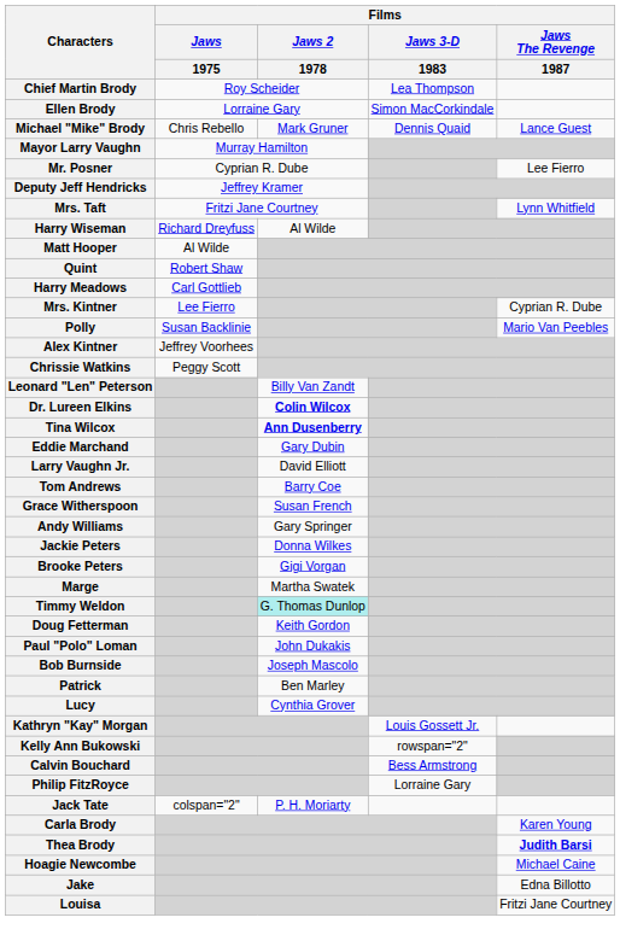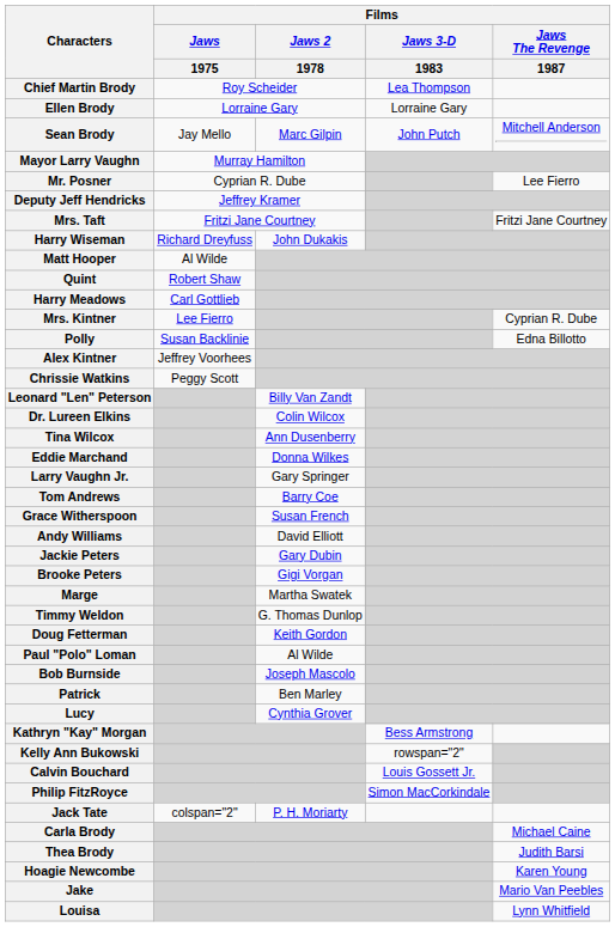 <table class="wikitable" style="text-align:center;">
 <tr>
 <th rowspan="3'">Characters</th>
 <th colspan="4">Films</th>
 </tr>
 <tr>
 <th><em><a href='#'>Jaws</a></em></th>
 <th><em><a href='#'>Jaws 2</a></em></th>
 <th><em><a href='#'>Jaws 3-D</a></em></th>
 <th><em><a href='#'>Jaws<br>The Revenge</a></em></th>
 </tr>
 <tr>
 <th>1975</th>
 <th>1978</th>
 <th>1983</th>
 <th>1987</th>
 </tr>
 <tr>
 <th>Chief Martin Brody</th>
 <td colspan="2"><a href='#'>Roy Scheider</a></td>
 <td><a href='#'>Lea Thompson</a></td>
 <td></td>
 </tr>
 <tr>
 <th>Ellen Brody</th>
 <td colspan="2"><a href='#'>Lorraine Gary</a></td>
-<td><a href='#'>Simon MacCorkindale</a></td>
+<td>Lorraine Gary</td>
 </tr>
 <tr>
-<th>Michael "Mike" Brody</th>
-<td>Chris Rebello</td>
-<td><a href='#'>Mark Gruner</a></td>
-<td><a href='#'>Dennis Quaid</a></td>
-<td><a href='#'>Lance Guest</a></td>
+<th>Sean Brody</th>
+<td>Jay Mello</td>
+<td><a href='#'>Marc Gilpin</a></td>
+<td><a href='#'>John Putch</a></td>
+<td><a href='#'>Mitchell Anderson</a><hr></td>
 </tr>
 <tr>
 <th>Mayor Larry Vaughn</th>
 <td colspan="2"><a href='#'>Murray Hamilton</a></td>
 <td colspan="2" style="background:#d3d3d3;"></td>
 </tr>
 <tr>
 <th>Mr. Posner</th>
 <td colspan="2">Cyprian R. Dube</td>
 <td style="background:#d3d3d3;"></td>
 <td>Lee Fierro</td>
 </tr>
 <tr>
 <th>Deputy Jeff Hendricks</th>
 <td colspan="2"><a href='#'>Jeffrey Kramer</a></td>
 <td colspan="2" style="background:#d3d3d3;"></td>
 </tr>
 <tr>
 <th>Mrs. Taft</th>
 <td colspan="2"><a href='#'>Fritzi Jane Courtney</a></td>
 <td style="background:#d3d3d3;"></td>
-<td><a href='#'>Lynn Whitfield</a></td>
+<td>Fritzi Jane Courtney</td>
 </tr>
 <tr>
 <th>Harry Wiseman</th>
 <td><a href='#'>Richard Dreyfuss</a></td>
-<td>Al Wilde</td>
+<td><a href='#'>John Dukakis</a></td>
 <td colspan="2" style="background:#d3d3d3;"></td>
 </tr>
 <tr>
 <th>Matt Hooper</th>
 <td>Al Wilde</td>
 <td colspan="3" style="background:#d3d3d3;"></td>
 </tr>
 <tr>
 <th>Quint</th>
 <td><a href='#'>Robert Shaw</a></td>
 <td colspan="3" style="background:#d3d3d3;"></td>
 </tr>
 <tr>
 <th>Harry Meadows</th>
 <td><a href='#'>Carl Gottlieb</a></td>
 <td colspan="3" style="background:#d3d3d3;"></td>
 </tr>
 <tr>
 <th>Mrs. Kintner</th>
 <td><a href='#'>Lee Fierro</a></td>
 <td colspan="2" style="background:#d3d3d3;"></td>
 <td>Cyprian R. Dube</td>
 </tr>
 <tr>
 <th>Polly</th>
 <td><a href='#'>Susan Backlinie</a></td>
 <td colspan="2" style="background:#d3d3d3;"></td>
-<td><a href='#'>Mario Van Peebles</a></td>
+<td>Edna Billotto</td>
 </tr>
 <tr>
 <th>Alex Kintner</th>
 <td>Jeffrey Voorhees</td>
 <td colspan="3" style="background:#d3d3d3;"></td>
 </tr>
 <tr>
 <th>Chrissie Watkins</th>
 <td>Peggy Scott</td>
 <td colspan="3" style="background:#d3d3d3;"></td>
 </tr>
 <tr>
 <th>Leonard "Len" Peterson</th>
 <td style="background:#d3d3d3;"></td>
 <td><a href='#'>Billy Van Zandt</a></td>
 <td colspan="2" style="background:#d3d3d3;"></td>
 </tr>
 <tr>
 <th>Dr. Lureen Elkins</th>
 <td style="background:#d3d3d3;"></td>
-<td><strong><a href='#'>Colin Wilcox</a></strong></td>
+<td><a href='#'>Colin Wilcox</a></td>
 <td colspan="2" style="background:#d3d3d3;"></td>
 </tr>
 <tr>
 <th>Tina Wilcox</th>
 <td style="background:#d3d3d3;"></td>
-<td><strong><a href='#'>Ann Dusenberry</a></strong></td>
+<td><a href='#'>Ann Dusenberry</a></td>
 <td colspan="2" style="background:#d3d3d3;"></td>
 </tr>
 <tr>
 <th>Eddie Marchand</th>
 <td style="background:#d3d3d3;"></td>
-<td><a href='#'>Gary Dubin</a></td>
+<td><a href='#'>Donna Wilkes</a></td>
 <td colspan="2" style="background:#d3d3d3;"></td>
 </tr>
 <tr>
 <th>Larry Vaughn Jr.</th>
 <td style="background: #d3d3d3;"></td>
-<td>David Elliott</td>
+<td>Gary Springer</td>
 <td colspan="2" style="background:#d3d3d3;"></td>
 </tr>
 <tr>
 <th>Tom Andrews</th>
 <td style="background: #d3d3d3;"></td>
 <td><a href='#'>Barry Coe</a></td>
 <td colspan="2" style="background:#d3d3d3;"></td>
 </tr>
 <tr>
 <th>Grace Witherspoon</th>
 <td style="background:#d3d3d3;"></td>
 <td><a href='#'>Susan French</a></td>
 <td colspan="2" style="background:#d3d3d3;"></td>
 </tr>
 <tr>
 <th>Andy Williams</th>
 <td style="background:#d3d3d3;"></td>
-<td>Gary Springer</td>
+<td>David Elliott</td>
 <td colspan="2" style="background:#d3d3d3;"></td>
 </tr>
 <tr>
 <th>Jackie Peters</th>
 <td style="background:#d3d3d3;"></td>
-<td><a href='#'>Donna Wilkes</a></td>
+<td><a href='#'>Gary Dubin</a></td>
 <td colspan="2" style="background:#d3d3d3;"></td>
 </tr>
 <tr>
 <th>Brooke Peters</th>
 <td style="background:#d3d3d3;"></td>
 <td><a href='#'>Gigi Vorgan</a></td>
 <td colspan="2" style="background:#d3d3d3;"></td>
 </tr>
 <tr>
 <th>Marge</th>
 <td style="background: #d3d3d3;"></td>
 <td>Martha Swatek</td>
 <td colspan="2" style="background:#d3d3d3;"></td>
 </tr>
 <tr>
 <th>Timmy Weldon</th>
 <td style="background:#d3d3d3;"></td>
-<td style="background: paleturquoise;">G. Thomas Dunlop</td>
+<td>G. Thomas Dunlop</td>
 <td colspan="2" style="background:#d3d3d3;"></td>
 </tr>
 <tr>
 <th>Doug Fetterman</th>
 <td style="background:#d3d3d3;"></td>
 <td><a href='#'>Keith Gordon</a></td>
 <td colspan="2" style="background:#d3d3d3;"></td>
 </tr>
 <tr>
 <th>Paul "Polo" Loman</th>
 <td style="background:#d3d3d3;"></td>
-<td><a href='#'>John Dukakis</a></td>
+<td>Al Wilde</td>
 <td colspan="2" style="background:#d3d3d3;"></td>
 </tr>
 <tr>
 <th>Bob Burnside</th>
 <td style="background:#d3d3d3;"></td>
 <td><a href='#'>Joseph Mascolo</a></td>
 <td colspan="2" style="background:#d3d3d3;"></td>
 </tr>
 <tr>
 <th>Patrick</th>
 <td style="background:#d3d3d3;"></td>
 <td>Ben Marley</td>
 <td colspan="2" style="background:#d3d3d3;"></td>
 </tr>
 <tr>
 <th>Lucy</th>
 <td style="background:#d3d3d3;"></td>
 <td><a href='#'>Cynthia Grover</a></td>
 <td colspan="2" style="background:#d3d3d3;"></td>
 </tr>
 <tr>
 <th>Kathryn "Kay" Morgan</th>
 <td colspan="2" style="background:#d3d3d3;"></td>
-<td><a href='#'>Louis Gossett Jr.</a></td>
+<td><a href='#'>Bess Armstrong</a></td>
 <td></td>
 </tr>
 <tr>
 <th>Kelly Ann Bukowski</th>
 <td colspan="2" style="background:#d3d3d3;"></td>
 <td>rowspan="2" </td>
 <td style="background:#d3d3d3;"></td>
 </tr>
 <tr>
 <th>Calvin Bouchard</th>
 <td colspan="2" style="background:#d3d3d3;"></td>
-<td><a href='#'>Bess Armstrong</a></td>
+<td><a href='#'>Louis Gossett Jr.</a></td>
 <td style="background:#d3d3d3;"></td>
 </tr>
 <tr>
 <th>Philip FitzRoyce</th>
 <td colspan="2" style="background:#d3d3d3;"></td>
-<td>Lorraine Gary</td>
+<td><a href='#'>Simon MacCorkindale</a></td>
 <td style="background:#d3d3d3;"></td>
 </tr>
 <tr>
 <th>Jack Tate</th>
 <td>colspan="2" </td>
 <td><a href='#'>P. H. Moriarty</a></td>
 <td></td>
 </tr>
 <tr>
 <th>Carla Brody</th>
 <td colspan="3" style="background:#d3d3d3;"></td>
-<td><a href='#'>Karen Young</a></td>
+<td><a href='#'>Michael Caine</a></td>
 </tr>
 <tr>
 <th>Thea Brody</th>
 <td colspan="3" style="background:#d3d3d3;"></td>
-<td><strong><a href='#'>Judith Barsi</a></strong></td>
+<td><a href='#'>Judith Barsi</a></td>
 </tr>
 <tr>
 <th>Hoagie Newcombe</th>
 <td colspan="3" style="background:#d3d3d3;"></td>
-<td><a href='#'>Michael Caine</a></td>
+<td><a href='#'>Karen Young</a></td>
 </tr>
 <tr>
 <th>Jake</th>
 <td colspan="3" style="background:#d3d3d3;"></td>
-<td>Edna Billotto</td>
+<td><a href='#'>Mario Van Peebles</a></td>
 </tr>
 <tr>
 <th>Louisa</th>
 <td colspan="3" style="background:#d3d3d3;"></td>
-<td>Fritzi Jane Courtney</td>
+<td><a href='#'>Lynn Whitfield</a></td>
 </tr>
 </table>
